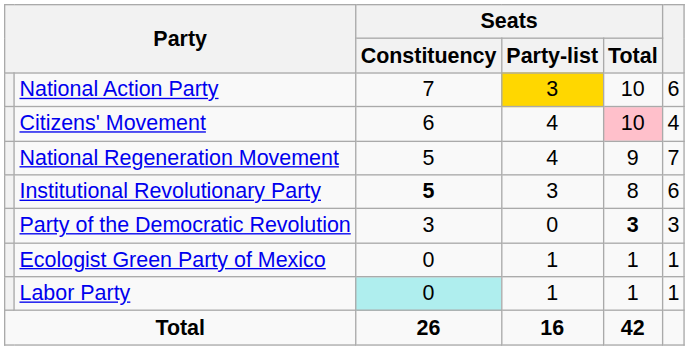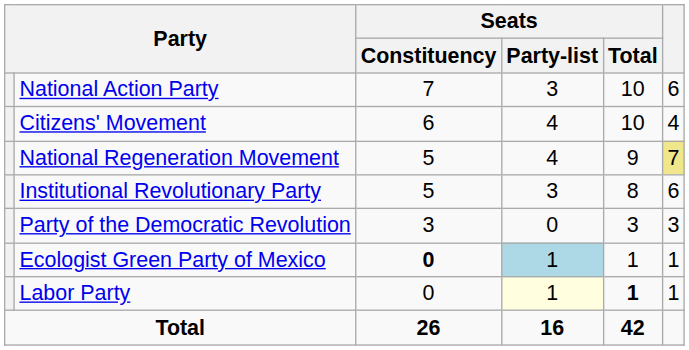 <table class="wikitable" style="text-align:center;">
 <tr>
 <th colspan="2" rowspan="2">Party</th>
 <th colspan="3">Seats</th>
 <th rowspan="2"></th>
 </tr>
 <tr>
 <th style="width:3em"><strong>Constituency</strong></th>
 <th>Party-list</th>
 <th>Total</th>
 </tr>
 <tr>
 <th style="background-color:"></th>
 <td style="text-align:left;"><a href='#'>National Action Party</a></td>
 <td>7</td>
-<td style="background: gold;">3</td>
+<td>3</td>
 <td>10</td>
 <td> 6</td>
 </tr>
 <tr>
 <th style="background-color:"></th>
 <td style="text-align:left;"><a href='#'>Citizens' Movement</a></td>
 <td>6</td>
 <td>4</td>
-<td style="background: pink;">10</td>
+<td>10</td>
 <td> 4</td>
 </tr>
 <tr>
 <th style="background-color:"></th>
 <td style="text-align:left;"><a href='#'>National Regeneration Movement</a></td>
 <td>5</td>
 <td>4</td>
 <td>9</td>
-<td> 7</td>
+<td style="background: khaki;"> 7</td>
 </tr>
 <tr>
 <th style="background-color:"></th>
 <td style="text-align:left;"><a href='#'>Institutional Revolutionary Party</a></td>
-<td><strong>5</strong></td>
+<td>5</td>
 <td>3</td>
 <td>8</td>
 <td> 6</td>
 </tr>
 <tr>
 <th style="background-color:"></th>
 <td style="text-align:left;"><a href='#'>Party of the Democratic Revolution</a></td>
 <td>3</td>
 <td>0</td>
-<td><strong>3</strong></td>
+<td>3</td>
 <td> 3</td>
 </tr>
 <tr>
 <th style="background-color:"></th>
 <td style="text-align:left;"><a href='#'>Ecologist Green Party of Mexico</a></td>
-<td>0</td>
-<td>1</td>
+<td><strong>0</strong></td>
+<td style="background: lightblue;">1</td>
 <td>1</td>
 <td> 1</td>
 </tr>
 <tr>
 <th style="background-color:"></th>
 <td style="text-align:left;"><a href='#'>Labor Party</a></td>
-<td style="background: paleturquoise;">0</td>
-<td>1</td>
-<td>1</td>
+<td>0</td>
+<td style="background: lightyellow;">1</td>
+<td><strong>1</strong></td>
 <td> 1</td>
 </tr>
 <tr>
 <td colspan="2"><strong>Total</strong></td>
 <td><strong>26</strong></td>
 <td><strong>16</strong></td>
 <td><strong>42</strong></td>
 <td></td>
 </tr>
 </table>
